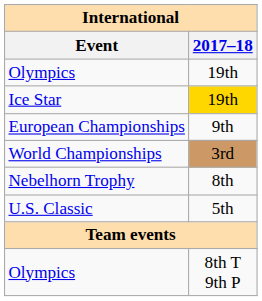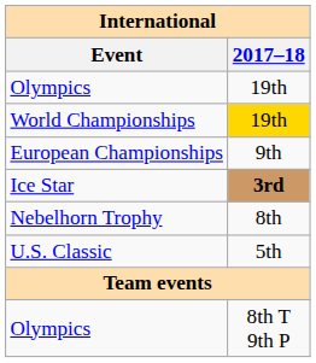 <table class="wikitable" style="text-align:center">
 <tr>
 <th style="background-color: #ffdead; " colspan=2 align=center>International</th>
 </tr>
 <tr>
 <th>Event</th>
 <th><a href='#'>2017–18</a></th>
 </tr>
 <tr>
 <td align=left><a href='#'>Olympics</a></td>
 <td>19th</td>
 </tr>
 <tr>
-<td align=left> <a href='#'>Ice Star</a></td>
+<td align=left><a href='#'>World Championships</a></td>
 <td style="background: gold;">19th</td>
 </tr>
 <tr>
 <td align=left><a href='#'>European Championships</a></td>
 <td>9th</td>
 </tr>
 <tr>
-<td align=left><a href='#'>World Championships</a></td>
-<td bgcolor=cc9966>3rd</td>
+<td align=left> <a href='#'>Ice Star</a></td>
+<td bgcolor=cc9966><strong>3rd</strong></td>
 </tr>
 <tr>
 <td align=left> <a href='#'>Nebelhorn Trophy</a></td>
 <td>8th</td>
 </tr>
 <tr>
 <td align=left> <a href='#'>U.S. Classic</a></td>
 <td>5th</td>
 </tr>
 <tr>
 <th style="background-color: #ffdead; " colspan=2 align=center>Team events</th>
 </tr>
 <tr>
 <td align=left><a href='#'>Olympics</a></td>
 <td>8th T <br> 9th P</td>
 </tr>
 </table>
